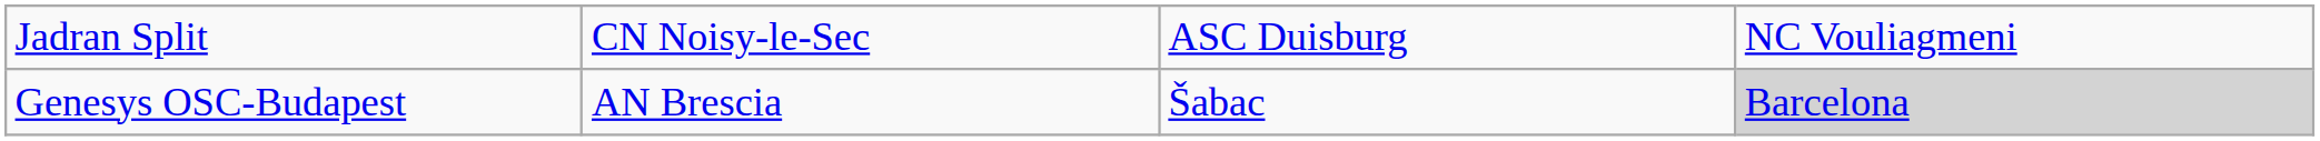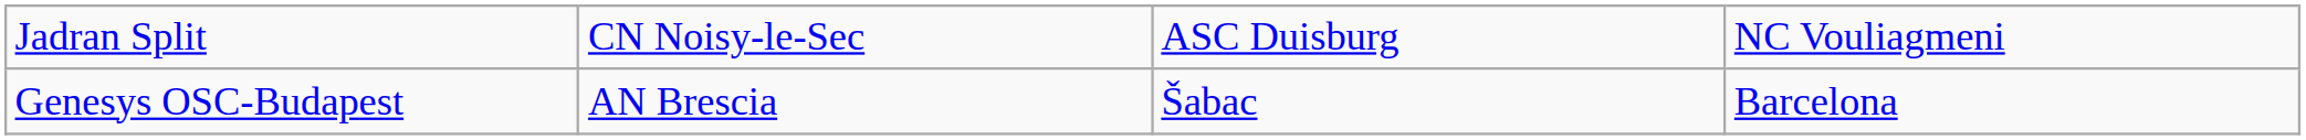 <table class="wikitable">
 <tr>
 <td width=220px> <a href='#'>Jadran Split</a></td>
 <td width=220px> <a href='#'>CN Noisy-le-Sec</a></td>
 <td width=220px> <a href='#'>ASC Duisburg</a></td>
 <td width=220px> <a href='#'>NC Vouliagmeni</a></td>
 </tr>
 <tr>
 <td> <a href='#'>Genesys OSC-Budapest</a></td>
 <td> <a href='#'>AN Brescia</a></td>
 <td> <a href='#'>Šabac</a></td>
-<td style="background: lightgrey;"> <a href='#'>Barcelona</a></td>
+<td> <a href='#'>Barcelona</a></td>
 </tr>
 </table>
